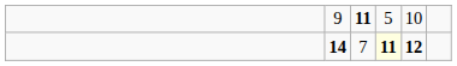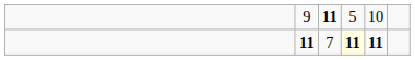 <table class="wikitable">
 <tr>
 <td style="width:18em"></td>
 <td align=center style="width:1em">9</td>
 <td align=center style="width:1em"><strong>11</strong></td>
 <td align=center style="width:1em">5</td>
 <td align=center style="width:1em">10</td>
 <td align=center style="width:1em"></td>
 </tr>
 <tr>
 <td style="width:18em"></td>
-<td align=center style="width:1em"><strong>14</strong></td>
+<td align=center style="width:1em"><strong>11</strong></td>
 <td align=center style="width:1em">7</td>
 <td align=center style="background: lightyellow; width:1em"><strong>11</strong></td>
-<td align=center style="width:1em"><strong>12</strong></td>
+<td align=center style="width:1em"><strong>11</strong></td>
 <td align=center style="width:1em"></td>
 </tr>
 </table>
